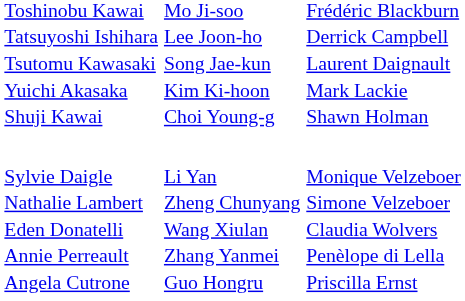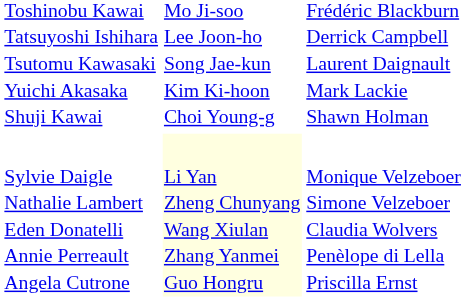 <table>
 <tr>
 <th scope=row style="text-align:left"></th>
 <td valign="top"><strong></strong><br><small><a href='#'>Toshinobu Kawai</a><br><a href='#'>Tatsuyoshi Ishihara</a><br><a href='#'>Tsutomu Kawasaki</a><br><a href='#'>Yuichi Akasaka</a><br><a href='#'>Shuji Kawai</a></small></td>
 <td valign="top"><strong></strong><br><small><a href='#'>Mo Ji-soo</a><br><a href='#'>Lee Joon-ho</a><br><a href='#'>Song Jae-kun</a><br><a href='#'>Kim Ki-hoon</a><br><a href='#'>Choi Young-g</a></small></td>
 <td valign="top"><strong></strong><br><small><a href='#'>Frédéric Blackburn</a><br><a href='#'>Derrick Campbell</a><br><a href='#'>Laurent Daignault</a><br><a href='#'>Mark Lackie</a><br><a href='#'>Shawn Holman</a></small></td>
 </tr>
 <tr>
 <th scope=row style="text-align:left"></th>
 <td valign="top"><strong></strong><br><small><a href='#'>Sylvie Daigle</a><br><a href='#'>Nathalie Lambert</a><br><a href='#'>Eden Donatelli</a><br><a href='#'>Annie Perreault</a><br><a href='#'>Angela Cutrone</a></small></td>
-<td valign="top"><strong></strong><br><small><a href='#'>Li Yan</a><br><a href='#'>Zheng Chunyang</a><br><a href='#'>Wang Xiulan</a><br><a href='#'>Zhang Yanmei</a><br><a href='#'>Guo Hongru</a></small></td>
+<td valign="top" style="background: lightyellow;"><strong></strong><br><small><a href='#'>Li Yan</a><br><a href='#'>Zheng Chunyang</a><br><a href='#'>Wang Xiulan</a><br><a href='#'>Zhang Yanmei</a><br><a href='#'>Guo Hongru</a></small></td>
 <td valign="top"><strong></strong><br><small><a href='#'>Monique Velzeboer</a><br><a href='#'>Simone Velzeboer</a><br><a href='#'>Claudia Wolvers</a><br><a href='#'>Penèlope di Lella</a><br><a href='#'>Priscilla Ernst</a></small></td>
 </tr>
 </table>
